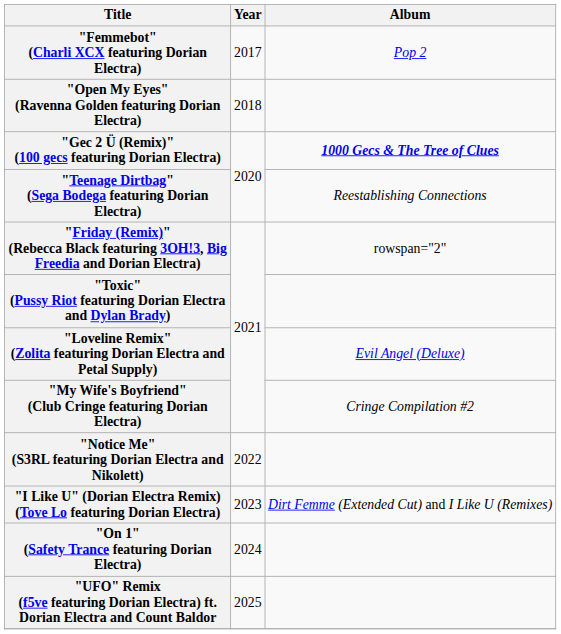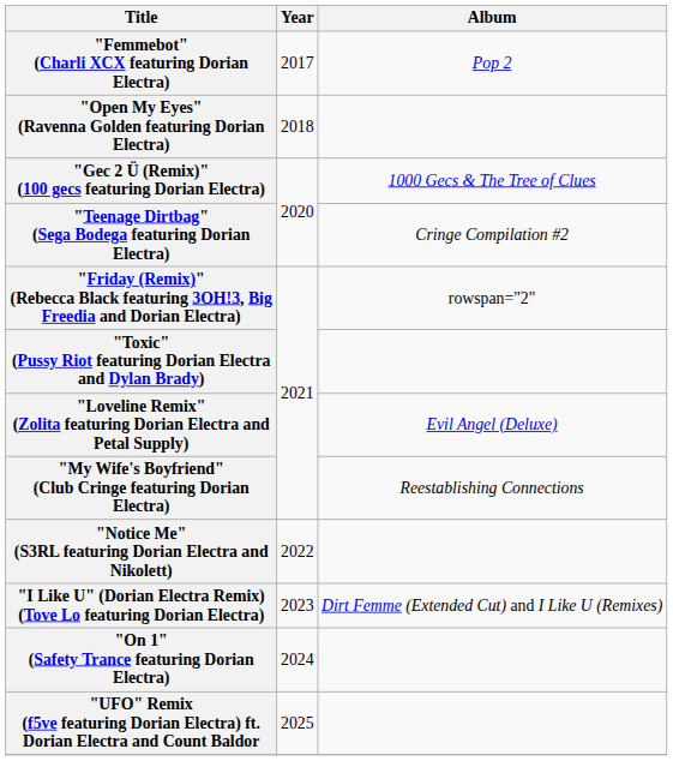 <table class="wikitable plainrowheaders" style="text-align:center;">
 <tr>
 <th style="width:16em;" scope="col">Title</th>
 <th scope="col">Year</th>
 <th scope="col">Album</th>
 </tr>
 <tr>
 <th scope="row">"Femmebot"<br><span>(<a href='#'>Charli XCX</a> featuring Dorian Electra)</span></th>
 <td>2017</td>
 <td><a href='#'><em>Pop 2</em></a></td>
 </tr>
 <tr>
 <th scope="row">"Open My Eyes"<br><span>(Ravenna Golden featuring Dorian Electra)</span></th>
 <td>2018</td>
 <td></td>
 </tr>
 <tr>
 <th scope="row">"Gec 2 Ü (Remix)"<br><span>(<a href='#'>100 gecs</a> featuring Dorian Electra)</span></th>
 <td rowspan="2">2020</td>
-<td><strong><em><a href='#'>1000 Gecs & The Tree of Clues</a></em></strong></td>
+<td><em><a href='#'>1000 Gecs & The Tree of Clues</a></em></td>
 </tr>
 <tr>
 <th scope="row">"<a href='#'>Teenage Dirtbag</a>"<br><span>(<a href='#'>Sega Bodega</a> featuring Dorian Electra)</span></th>
-<td><em>Reestablishing Connections</em></td>
+<td><em>Cringe Compilation #2</em></td>
 </tr>
 <tr>
 <th scope="row">"<a href='#'>Friday (Remix)</a>"<br><span>(Rebecca Black featuring <a href='#'>3OH!3</a>, <a href='#'>Big Freedia</a> and Dorian Electra)</span></th>
 <td rowspan="4">2021</td>
 <td>rowspan="2" </td>
 </tr>
 <tr>
 <th scope="row">"Toxic"<br><span>(<a href='#'>Pussy Riot</a> featuring Dorian Electra and <a href='#'>Dylan Brady</a>)</span></th>
 </tr>
 <tr>
 <th scope="row">"Loveline Remix"<br><span>(<a href='#'>Zolita</a> featuring Dorian Electra and Petal Supply)</span></th>
 <td><em><a href='#'>Evil Angel (Deluxe)</a></em></td>
 </tr>
 <tr>
 <th scope="row">"My Wife's Boyfriend"<br><span>(Club Cringe featuring Dorian Electra)</span></th>
-<td><em>Cringe Compilation #2</em></td>
+<td><em>Reestablishing Connections</em></td>
 </tr>
 <tr>
 <th scope="row">"Notice Me"<br><span>(S3RL featuring Dorian Electra and Nikolett)</span></th>
 <td>2022</td>
 <td></td>
 </tr>
 <tr>
 <th scope="row">"I Like U" (Dorian Electra Remix) <br><span>(<a href='#'>Tove Lo</a> featuring Dorian Electra)</span></th>
 <td>2023</td>
 <td><em><a href='#'>Dirt Femme</a> (Extended Cut) </em> and <em>I Like U (Remixes)</em></td>
 </tr>
 <tr>
 <th scope="row">"On 1" <br><span> (<a href='#'>Safety Trance</a> featuring Dorian Electra) </span></th>
 <td>2024</td>
 <td></td>
 </tr>
 <tr>
 <th scope="row">"UFO" Remix <br><span>(<a href='#'>f5ve</a> featuring Dorian Electra)</span> ft. Dorian Electra and Count Baldor</th>
 <td scope="row">2025</td>
 <td></td>
 </tr>
 <tr>
 </tr>
 </table>
